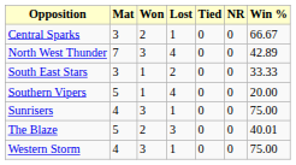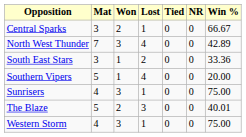 <table class="wikitable sortable">
 <tr>
 <th style="background:#ffc;">Opposition</th>
 <th style="background:#ffc;">Mat</th>
 <th style="background:#ffc;">Won</th>
 <th style="background:#ffc;">Lost</th>
 <th style="background:#ffc;">Tied</th>
 <th style="background:#ffc;">NR</th>
 <th style="background:#ffc;">Win %</th>
 </tr>
 <tr>
 <td><a href='#'>Central Sparks</a></td>
 <td>3</td>
 <td>2</td>
 <td>1</td>
 <td>0</td>
 <td>0</td>
 <td>66.67</td>
 </tr>
 <tr>
 <td><a href='#'>North West Thunder</a></td>
 <td>7</td>
 <td>3</td>
 <td>4</td>
 <td>0</td>
 <td>0</td>
 <td>42.89</td>
 </tr>
 <tr>
 <td><a href='#'>South East Stars</a></td>
 <td>3</td>
 <td>1</td>
 <td>2</td>
 <td>0</td>
 <td>0</td>
-<td>33.33</td>
+<td>33.36</td>
 </tr>
 <tr>
 <td><a href='#'>Southern Vipers</a></td>
 <td>5</td>
 <td>1</td>
 <td>4</td>
 <td>0</td>
 <td>0</td>
 <td>20.00</td>
 </tr>
 <tr>
 <td><a href='#'>Sunrisers</a></td>
 <td>4</td>
 <td>3</td>
 <td>1</td>
 <td>0</td>
 <td>0</td>
 <td>75.00</td>
 </tr>
 <tr>
 <td><a href='#'>The Blaze</a></td>
 <td>5</td>
 <td>2</td>
 <td>3</td>
 <td>0</td>
 <td>0</td>
 <td>40.01</td>
 </tr>
 <tr>
 <td><a href='#'>Western Storm</a></td>
 <td>4</td>
 <td>3</td>
 <td>1</td>
 <td>0</td>
 <td>0</td>
 <td>75.00</td>
 </tr>
 </table>
